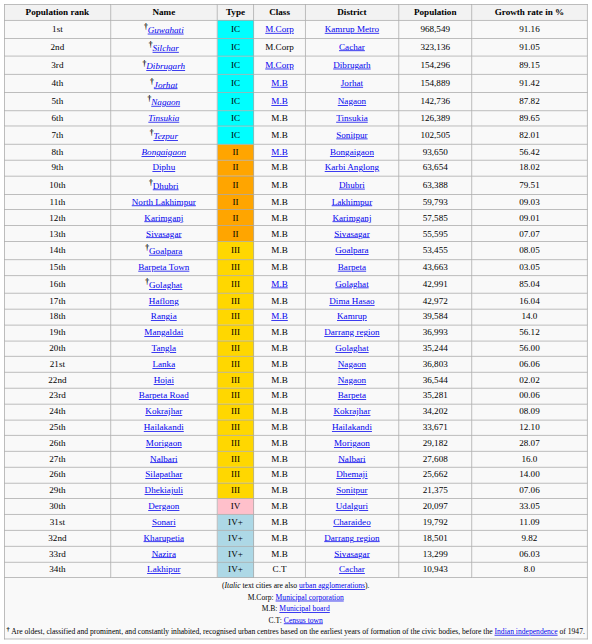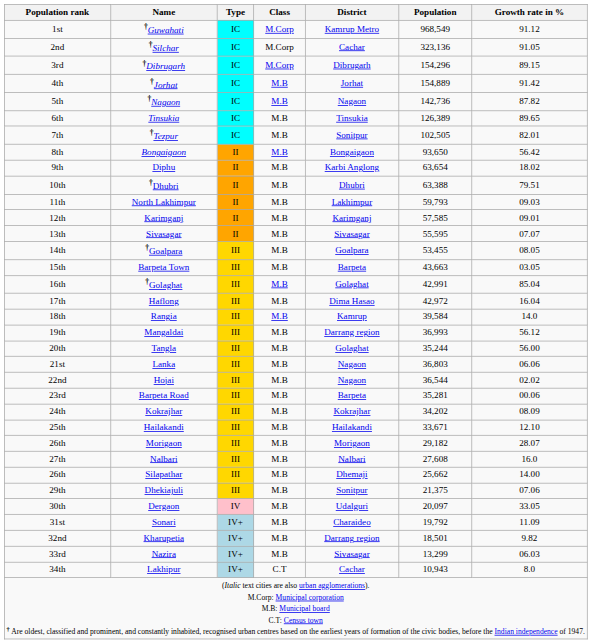 <table class="wikitable sortable" style="text-align:center;font-size: 9pt">
 <tr>
 <th>Population rank</th>
 <th>Name</th>
 <th>Type</th>
 <th>Class</th>
 <th>District</th>
 <th>Population</th>
 <th>Growth rate in %</th>
 </tr>
 <tr>
 <td>1st</td>
 <td style="background:#yellow;"><span><sup><strong>†</strong></sup></span><em><a href='#'>Guwahati</a></em></td>
 <td style="background: Aqua;">IC</td>
 <td><a href='#'>M.Corp</a></td>
 <td><a href='#'>Kamrup Metro</a></td>
 <td>968,549</td>
-<td>91.16</td>
+<td>91.12</td>
 </tr>
 <tr>
 <td>2nd</td>
 <td><span><sup><strong>†</strong></sup></span><em><a href='#'>Silchar</a></em></td>
 <td style="background: Aqua;">IC</td>
 <td [Municipal Corporation>M.Corp</td>
 <td><a href='#'>Cachar</a></td>
 <td>323,136</td>
 <td>91.05</td>
 </tr>
 <tr>
 <td>3rd</td>
 <td><span><sup><strong>†</strong></sup></span><em><a href='#'>Dibrugarh</a></em></td>
 <td style="background: Aqua;">IC</td>
 <td><a href='#'>M.Corp</a></td>
 <td><a href='#'>Dibrugarh</a></td>
 <td>154,296</td>
 <td>89.15</td>
 </tr>
 <tr>
 <td>4th</td>
 <td><span><sup><strong>†</strong></sup></span><em><a href='#'>Jorhat</a></em></td>
 <td style="background: Aqua;">IC</td>
 <td><a href='#'>M.B</a></td>
 <td><a href='#'>Jorhat</a></td>
 <td>154,889</td>
 <td>91.42</td>
 </tr>
 <tr>
 <td>5th</td>
 <td><span><sup><strong>†</strong></sup></span><em><a href='#'>Nagaon</a></em></td>
 <td style="background: Aqua;">IC</td>
 <td><a href='#'>M.B</a></td>
 <td><a href='#'> Nagaon</a></td>
 <td>142,736</td>
 <td>87.82</td>
 </tr>
 <tr>
 <td>6th</td>
 <td><em><a href='#'>Tinsukia</a></em></td>
 <td style="background: Aqua;">IC</td>
 <td>M.B</td>
 <td><a href='#'>Tinsukia</a></td>
 <td>126,389</td>
 <td>89.65</td>
 </tr>
 <tr>
 <td>7th</td>
 <td><span><sup><strong>†</strong></sup></span><em><a href='#'>Tezpur</a></em></td>
 <td style="background: Aqua;">IC</td>
 <td>M.B</td>
 <td><a href='#'>Sonitpur</a></td>
 <td>102,505</td>
 <td>82.01</td>
 </tr>
 <tr>
 <td>8th</td>
 <td><em><a href='#'>Bongaigaon</a></em></td>
 <td style="background: Orange;">II</td>
 <td><a href='#'>M.B</a></td>
 <td><a href='#'>Bongaigaon</a></td>
 <td>93,650</td>
 <td>56.42</td>
 </tr>
 <tr>
 <td>9th</td>
 <td><a href='#'>Diphu</a></td>
 <td style="background: Orange;">II</td>
 <td>M.B</td>
 <td><a href='#'>Karbi Anglong</a></td>
 <td>63,654</td>
 <td>18.02</td>
 </tr>
 <tr>
 <td>10th</td>
 <td><span><sup><strong>†</strong></sup></span><a href='#'>Dhubri</a></td>
 <td style="background: Orange;">II</td>
 <td>M.B</td>
 <td><a href='#'>Dhubri</a></td>
 <td>63,388</td>
 <td>79.51</td>
 </tr>
 <tr>
 <td>11th</td>
 <td><a href='#'>North Lakhimpur</a></td>
 <td style="background: Orange;">II</td>
 <td>M.B</td>
 <td><a href='#'>Lakhimpur</a></td>
 <td>59,793</td>
 <td>09.03</td>
 </tr>
 <tr>
 <td>12th</td>
 <td><a href='#'>Karimganj</a></td>
 <td style="background: Orange;">II</td>
 <td>M.B</td>
 <td><a href='#'>Karimganj</a></td>
 <td>57,585</td>
 <td>09.01</td>
 </tr>
 <tr>
 <td>13th</td>
 <td><a href='#'>Sivasagar</a></td>
 <td style="background: Orange;">II</td>
 <td>M.B</td>
 <td><a href='#'>Sivasagar</a></td>
 <td>55,595</td>
 <td>07.07</td>
 </tr>
 <tr>
 <td>14th</td>
 <td><span><sup><strong>†</strong></sup></span><a href='#'>Goalpara</a></td>
 <td style="background: Gold;">III</td>
 <td>M.B</td>
 <td><a href='#'>Goalpara</a></td>
 <td>53,455</td>
 <td>08.05</td>
 </tr>
 <tr>
 <td>15th</td>
 <td><a href='#'>Barpeta Town</a></td>
 <td style="background: Gold;">III</td>
 <td>M.B</td>
 <td><a href='#'>Barpeta</a></td>
 <td>43,663</td>
 <td>03.05</td>
 </tr>
 <tr>
 <td>16th</td>
 <td><span><sup><strong>†</strong></sup></span><a href='#'>Golaghat</a></td>
 <td style="background: Gold;">III</td>
 <td><a href='#'>M.B</a></td>
 <td><a href='#'>Golaghat</a></td>
 <td>42,991</td>
 <td>85.04</td>
 </tr>
 <tr>
 <td>17th</td>
 <td><a href='#'>Haflong</a></td>
 <td style="background: Gold;">III</td>
 <td>M.B</td>
 <td><a href='#'>Dima Hasao</a></td>
 <td>42,972</td>
 <td>16.04</td>
 </tr>
 <tr>
 <td>18th</td>
 <td><a href='#'>Rangia</a></td>
 <td style="background: Gold;">III</td>
 <td><a href='#'>M.B</a></td>
 <td><a href='#'>Kamrup</a></td>
 <td>39,584</td>
 <td>14.0</td>
 </tr>
 <tr>
 <td>19th</td>
 <td><a href='#'>Mangaldai</a></td>
 <td style="background: Gold;">III</td>
 <td>M.B</td>
 <td><a href='#'>Darrang region</a></td>
 <td>36,993</td>
 <td>56.12</td>
 </tr>
 <tr>
 <td>20th</td>
 <td><a href='#'>Tangla</a></td>
 <td style="background: Gold;">III</td>
 <td>M.B</td>
 <td><a href='#'>Golaghat</a></td>
 <td>35,244</td>
 <td>56.00</td>
 </tr>
 <tr>
 <td>21st</td>
 <td><a href='#'>Lanka</a></td>
 <td style="background: Gold;">III</td>
 <td>M.B</td>
 <td><a href='#'>Nagaon</a></td>
 <td>36,803</td>
 <td>06.06</td>
 </tr>
 <tr>
 <td>22nd</td>
 <td><a href='#'>Hojai</a></td>
 <td style="background: Gold;">III</td>
 <td>M.B</td>
 <td><a href='#'>Nagaon</a></td>
 <td>36,544</td>
 <td>02.02</td>
 </tr>
 <tr>
 <td>23rd</td>
 <td><a href='#'>Barpeta Road</a></td>
 <td style="background: Gold;">III</td>
 <td>M.B</td>
 <td><a href='#'>Barpeta</a></td>
 <td>35,281</td>
 <td>00.06</td>
 </tr>
 <tr>
 <td>24th</td>
 <td><a href='#'>Kokrajhar</a></td>
 <td style="background: Gold;">III</td>
 <td>M.B</td>
 <td><a href='#'>Kokrajhar</a></td>
 <td>34,202</td>
 <td>08.09</td>
 </tr>
 <tr>
 <td>25th</td>
 <td><a href='#'>Hailakandi</a></td>
 <td style="background: Gold;">III</td>
 <td>M.B</td>
 <td><a href='#'>Hailakandi</a></td>
 <td>33,671</td>
 <td>12.10</td>
 </tr>
 <tr>
 <td>26th</td>
 <td><a href='#'>Morigaon</a></td>
 <td style="background: Gold;">III</td>
 <td>M.B</td>
 <td><a href='#'>Morigaon</a></td>
 <td>29,182</td>
 <td>28.07</td>
 </tr>
 <tr>
 <td>27th</td>
 <td><a href='#'>Nalbari</a></td>
 <td style="background: Gold;">III</td>
 <td>M.B</td>
 <td><a href='#'>Nalbari</a></td>
 <td>27,608</td>
 <td>16.0</td>
 </tr>
 <tr>
 <td>26th</td>
 <td><a href='#'>Silapathar</a></td>
 <td style="background: Gold;">III</td>
 <td>M.B</td>
 <td><a href='#'>Dhemaji</a></td>
 <td>25,662</td>
 <td>14.00</td>
 </tr>
 <tr>
 <td>29th</td>
 <td><a href='#'>Dhekiajuli</a></td>
 <td style="background: Gold;">III</td>
 <td>M.B</td>
 <td><a href='#'>Sonitpur</a></td>
 <td>21,375</td>
 <td>07.06</td>
 </tr>
 <tr>
 <td>30th</td>
 <td><a href='#'>Dergaon</a></td>
 <td style="background: Pink;">IV</td>
 <td>M.B</td>
 <td><a href='#'>Udalguri</a></td>
 <td>20,097</td>
 <td>33.05</td>
 </tr>
 <tr>
 <td>31st</td>
 <td><a href='#'>Sonari</a></td>
 <td style="background: LightBlue;">IV+</td>
 <td>M.B</td>
 <td><a href='#'>Charaideo</a></td>
 <td>19,792</td>
 <td>11.09</td>
 </tr>
 <tr>
 <td>32nd</td>
 <td><a href='#'>Kharupetia</a></td>
 <td style="background: LightBlue;">IV+</td>
 <td>M.B</td>
 <td><a href='#'>Darrang region</a></td>
 <td>18,501</td>
 <td>9.82</td>
 </tr>
 <tr>
 <td>33rd</td>
 <td><a href='#'>Nazira</a></td>
 <td style="background: LightBlue;">IV+</td>
 <td>M.B</td>
 <td><a href='#'>Sivasagar</a></td>
 <td>13,299</td>
 <td>06.03</td>
 </tr>
 <tr>
 <td>34th</td>
 <td><a href='#'>Lakhipur</a></td>
 <td style="background: LightBlue">IV+</td>
 <td>C.T</td>
 <td><a href='#'>Cachar</a></td>
 <td>10,943</td>
 <td>8.0</td>
 </tr>
 <tr 35th || >
 <td colspan="7"><small>(<em>Italic</em> text cities are also <a href='#'>urban agglomerations</a>). <br> M.Corp: <a href='#'>Municipal corporation</a> <br> M.B: <a href='#'>Municipal board</a> <br> C.T: <a href='#'>Census town</a> <br><span><sup><strong>†</strong></sup></span> Are oldest, classified and prominent, and constantly inhabited, recognised urban centres based on the earliest years of formation of the civic bodies, before the <a href='#'>Indian independence</a> of 1947.</small></td>
 </tr>
 </table>
